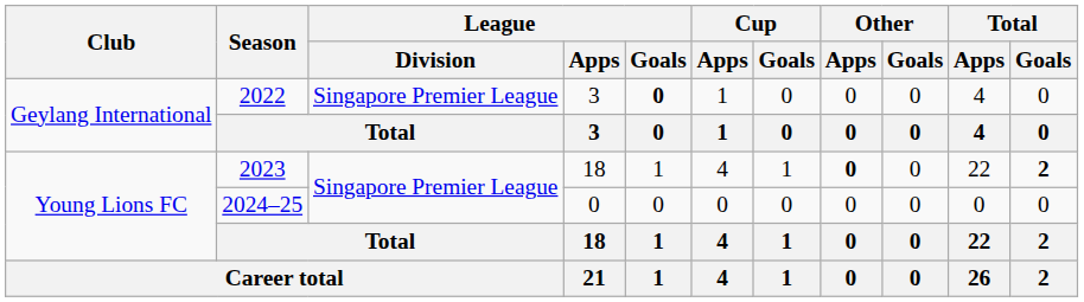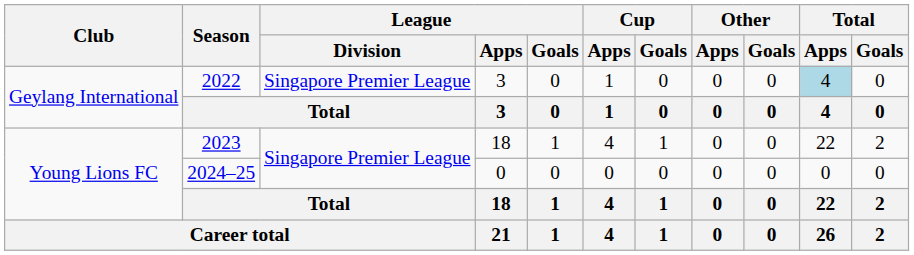 <table class="wikitable" style="text-align: center">
 <tr>
 <th rowspan="2">Club</th>
 <th rowspan="2">Season</th>
 <th colspan="3">League</th>
 <th colspan="2">Cup</th>
 <th colspan="2">Other</th>
 <th colspan="2">Total</th>
 </tr>
 <tr>
 <th>Division</th>
 <th>Apps</th>
 <th>Goals</th>
 <th>Apps</th>
 <th>Goals</th>
 <th>Apps</th>
 <th>Goals</th>
 <th>Apps</th>
 <th>Goals</th>
 </tr>
 <tr>
 <td rowspan="2"><a href='#'>Geylang International</a></td>
 <td><a href='#'>2022</a></td>
 <td><a href='#'>Singapore Premier League</a></td>
 <td>3</td>
-<td><strong>0</strong></td>
+<td>0</td>
 <td>1</td>
 <td>0</td>
 <td>0</td>
 <td>0</td>
-<td>4</td>
+<td style="background: lightblue;">4</td>
 <td>0</td>
 </tr>
 <tr>
 <th colspan=2>Total</th>
 <th>3</th>
 <th>0</th>
 <th>1</th>
 <th>0</th>
 <th>0</th>
 <th>0</th>
 <th>4</th>
 <th>0</th>
 </tr>
 <tr>
 <td rowspan="3"><a href='#'>Young Lions FC</a></td>
 <td><a href='#'>2023</a></td>
 <td rowspan="2"><a href='#'>Singapore Premier League</a></td>
 <td>18</td>
 <td>1</td>
 <td>4</td>
 <td>1</td>
-<td><strong>0</strong></td>
+<td>0</td>
 <td>0</td>
 <td>22</td>
-<td><strong>2</strong></td>
+<td>2</td>
 </tr>
 <tr>
 <td><a href='#'>2024–25</a></td>
 <td>0</td>
 <td>0</td>
 <td>0</td>
 <td>0</td>
 <td>0</td>
 <td>0</td>
 <td>0</td>
 <td>0</td>
 </tr>
 <tr>
 <th colspan=2>Total</th>
 <th>18</th>
 <th>1</th>
 <th>4</th>
 <th>1</th>
 <th>0</th>
 <th>0</th>
 <th>22</th>
 <th>2</th>
 </tr>
 <tr>
 <th colspan=3>Career total</th>
 <th>21</th>
 <th>1</th>
 <th>4</th>
 <th>1</th>
 <th>0</th>
 <th>0</th>
 <th>26</th>
 <th>2</th>
 </tr>
 </table>
